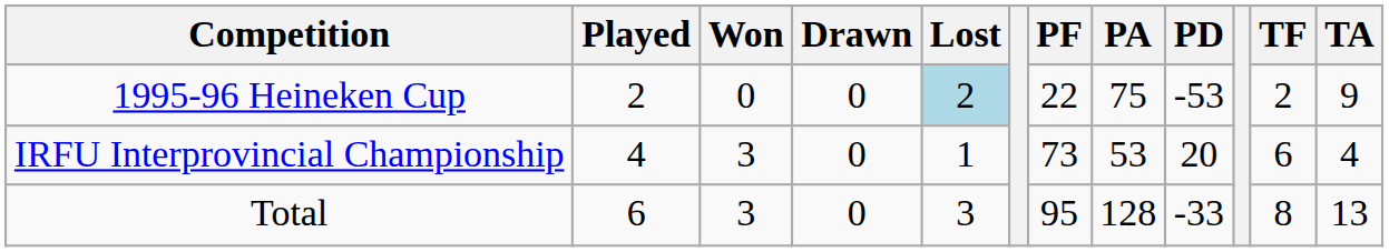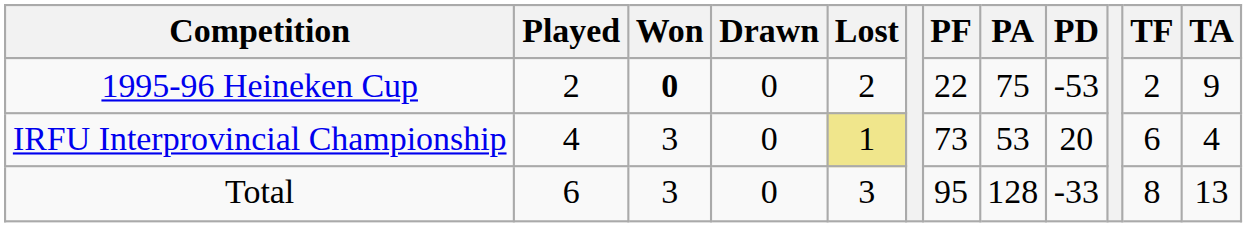 <table class="wikitable">
 <tr>
 <th>Competition</th>
 <th>Played</th>
 <th>Won</th>
 <th>Drawn</th>
 <th>Lost</th>
 <th rowspan="4"></th>
 <th>PF</th>
 <th>PA</th>
 <th>PD</th>
 <th rowspan="4"></th>
 <th>TF</th>
 <th>TA</th>
 </tr>
 <tr align=center>
 <td><a href='#'>1995-96 Heineken Cup</a></td>
 <td>2</td>
+<td><strong>0</strong></td>
 <td>0</td>
-<td>0</td>
-<td style="background: lightblue;">2</td>
+<td>2</td>
 <td>22</td>
 <td>75</td>
 <td>-53</td>
 <td>2</td>
 <td>9</td>
 </tr>
 <tr align=center>
 <td><a href='#'>IRFU Interprovincial Championship</a></td>
 <td>4</td>
 <td>3</td>
 <td>0</td>
-<td>1</td>
+<td style="background: khaki;">1</td>
 <td>73</td>
 <td>53</td>
 <td>20</td>
 <td>6</td>
 <td>4</td>
 </tr>
 <tr align=center>
 <td>Total</td>
 <td>6</td>
 <td>3</td>
 <td>0</td>
 <td>3</td>
 <td>95</td>
 <td>128</td>
 <td>-33</td>
 <td>8</td>
 <td>13</td>
 </tr>
 </table>
